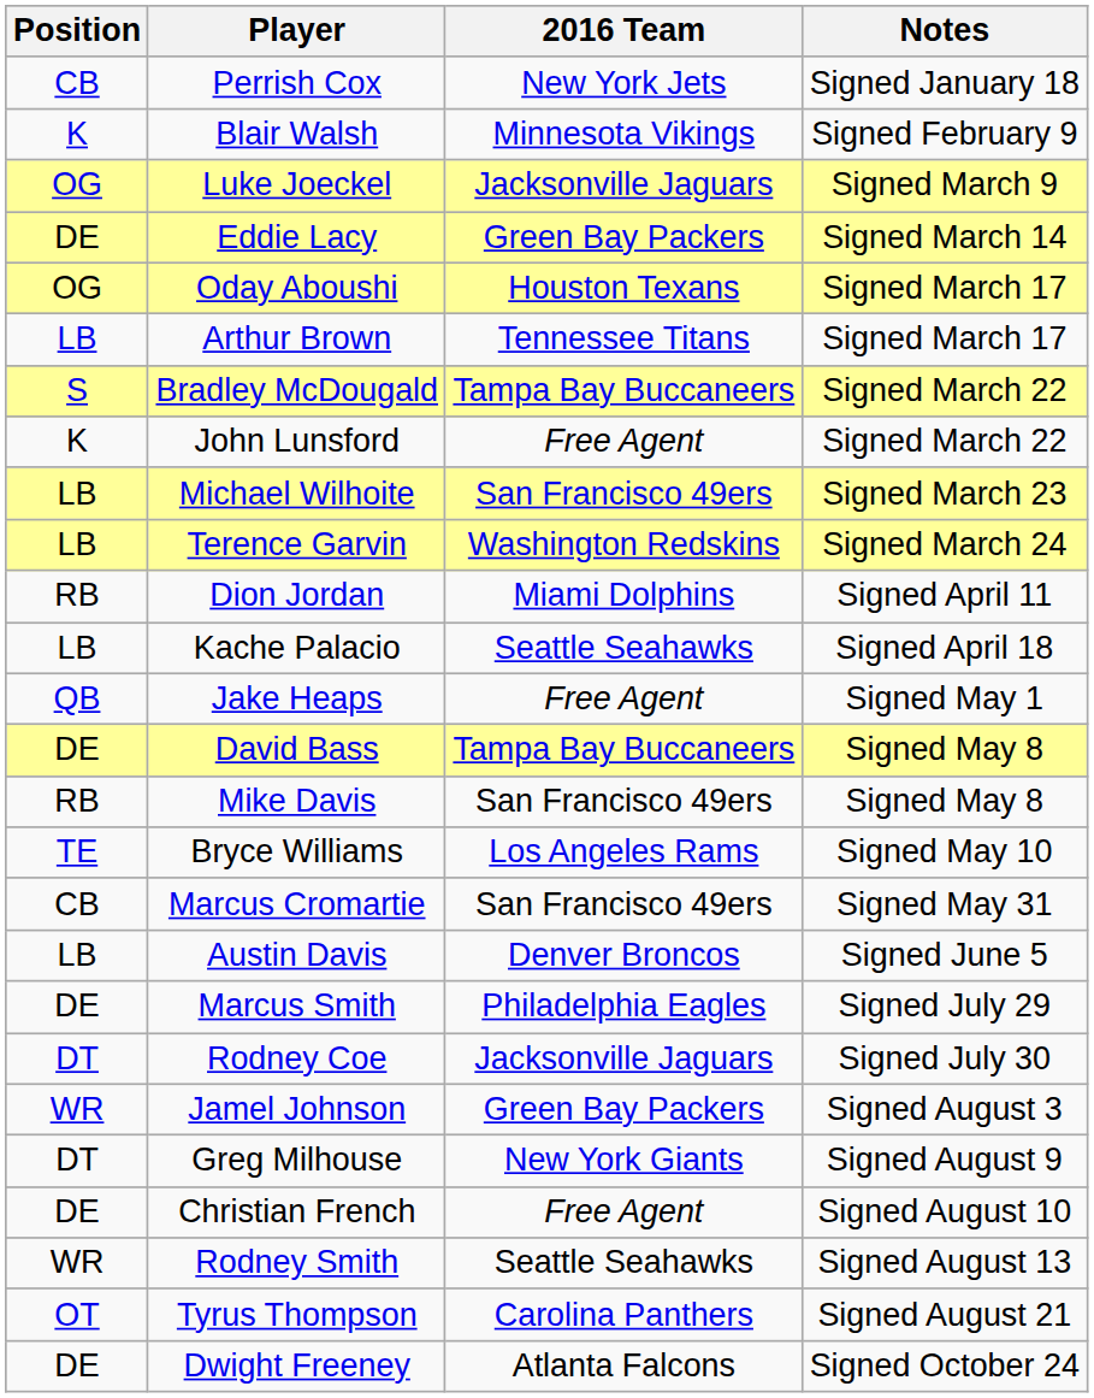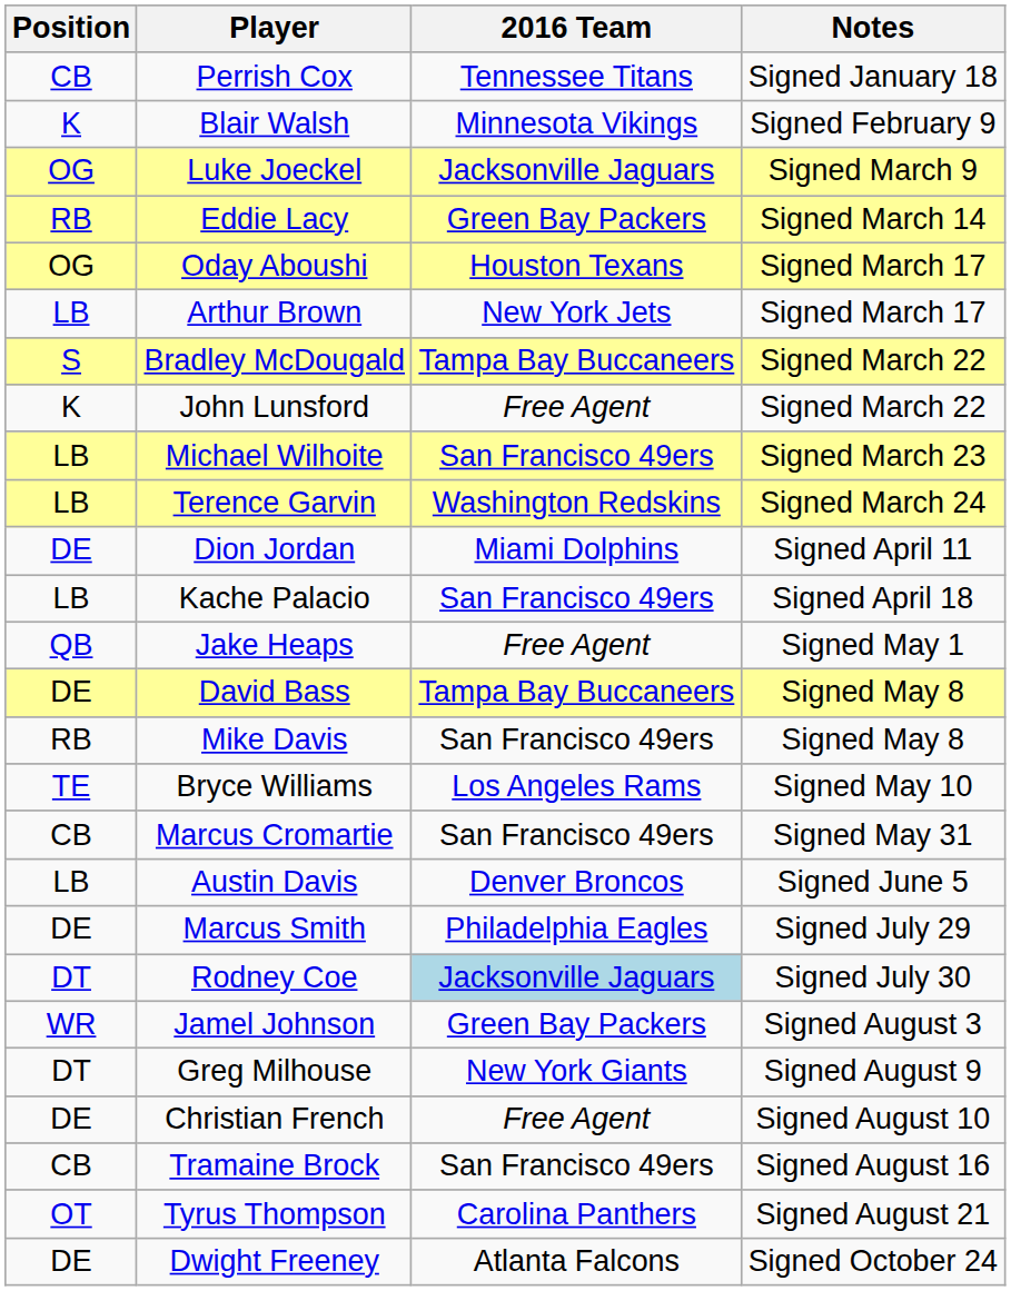 <table class="wikitable" style="text-align:center">
 <tr>
 <th>Position</th>
 <th>Player</th>
 <th>2016 Team</th>
 <th>Notes</th>
 </tr>
 <tr>
 <td><a href='#'>CB</a></td>
 <td><a href='#'>Perrish Cox</a></td>
-<td><a href='#'>New York Jets</a></td>
+<td><a href='#'>Tennessee Titans</a></td>
 <td>Signed January 18</td>
 </tr>
 <tr>
 <td><a href='#'>K</a></td>
 <td><a href='#'>Blair Walsh</a></td>
 <td><a href='#'>Minnesota Vikings</a></td>
 <td>Signed February 9</td>
 </tr>
 <tr style=background:#ff9>
 <td><a href='#'>OG</a></td>
 <td><a href='#'>Luke Joeckel</a></td>
 <td><a href='#'>Jacksonville Jaguars</a></td>
 <td>Signed March 9</td>
 </tr>
 <tr style=background:#ff9>
-<td>DE</td>
+<td><a href='#'>RB</a></td>
 <td><a href='#'>Eddie Lacy</a></td>
 <td><a href='#'>Green Bay Packers</a></td>
 <td>Signed March 14</td>
 </tr>
 <tr style=background:#ff9>
 <td>OG</td>
 <td><a href='#'>Oday Aboushi</a></td>
 <td><a href='#'>Houston Texans</a></td>
 <td>Signed March 17</td>
 </tr>
 <tr>
 <td><a href='#'>LB</a></td>
 <td><a href='#'>Arthur Brown</a></td>
-<td><a href='#'>Tennessee Titans</a></td>
+<td><a href='#'>New York Jets</a></td>
 <td>Signed March 17</td>
 </tr>
 <tr style=background:#ff9>
 <td><a href='#'>S</a></td>
 <td><a href='#'>Bradley McDougald</a></td>
 <td><a href='#'>Tampa Bay Buccaneers</a></td>
 <td>Signed March 22</td>
 </tr>
 <tr>
 <td>K</td>
 <td>John Lunsford</td>
 <td><em>Free Agent</em></td>
 <td>Signed March 22</td>
 </tr>
 <tr style=background:#ff9>
 <td>LB</td>
 <td><a href='#'>Michael Wilhoite</a></td>
 <td><a href='#'>San Francisco 49ers</a></td>
 <td>Signed March 23</td>
 </tr>
 <tr style=background:#ff9>
 <td>LB</td>
 <td><a href='#'>Terence Garvin</a></td>
 <td><a href='#'>Washington Redskins</a></td>
 <td>Signed March 24</td>
 </tr>
 <tr>
-<td>RB</td>
+<td><a href='#'>DE</a></td>
 <td><a href='#'>Dion Jordan</a></td>
 <td><a href='#'>Miami Dolphins</a></td>
 <td>Signed April 11</td>
 </tr>
 <tr>
 <td>LB</td>
 <td>Kache Palacio</td>
-<td><a href='#'>Seattle Seahawks</a></td>
+<td><a href='#'>San Francisco 49ers</a></td>
 <td>Signed April 18</td>
 </tr>
 <tr>
 <td><a href='#'>QB</a></td>
 <td><a href='#'>Jake Heaps</a></td>
 <td><em>Free Agent</em></td>
 <td>Signed May 1</td>
 </tr>
 <tr style=background:#ff9>
 <td>DE</td>
 <td><a href='#'>David Bass</a></td>
 <td><a href='#'>Tampa Bay Buccaneers</a></td>
 <td>Signed May 8</td>
 </tr>
 <tr>
 <td>RB</td>
 <td><a href='#'>Mike Davis</a></td>
 <td>San Francisco 49ers</td>
 <td>Signed May 8</td>
 </tr>
 <tr>
 <td><a href='#'>TE</a></td>
 <td>Bryce Williams</td>
 <td><a href='#'>Los Angeles Rams</a></td>
 <td>Signed May 10</td>
 </tr>
 <tr>
 <td>CB</td>
 <td><a href='#'>Marcus Cromartie</a></td>
 <td>San Francisco 49ers</td>
 <td>Signed May 31</td>
 </tr>
 <tr>
 <td>LB</td>
 <td><a href='#'>Austin Davis</a></td>
 <td><a href='#'>Denver Broncos</a></td>
 <td>Signed June 5</td>
 </tr>
 <tr>
 <td>DE</td>
 <td><a href='#'>Marcus Smith</a></td>
 <td><a href='#'>Philadelphia Eagles</a></td>
 <td>Signed July 29</td>
 </tr>
 <tr>
 <td><a href='#'>DT</a></td>
 <td><a href='#'>Rodney Coe</a></td>
-<td><a href='#'>Jacksonville Jaguars</a></td>
+<td style="background: lightblue;"><a href='#'>Jacksonville Jaguars</a></td>
 <td>Signed July 30</td>
 </tr>
 <tr>
 <td><a href='#'>WR</a></td>
 <td><a href='#'>Jamel Johnson</a></td>
 <td><a href='#'>Green Bay Packers</a></td>
 <td>Signed August 3</td>
 </tr>
 <tr>
 <td>DT</td>
 <td>Greg Milhouse</td>
 <td><a href='#'>New York Giants</a></td>
 <td>Signed August 9</td>
 </tr>
 <tr>
 <td>DE</td>
 <td>Christian French</td>
 <td><em>Free Agent</em></td>
 <td>Signed August 10</td>
 </tr>
 <tr>
-<td>WR</td>
-<td><a href='#'>Rodney Smith</a></td>
-<td>Seattle Seahawks</td>
-<td>Signed August 13</td>
+<td>CB</td>
+<td><a href='#'>Tramaine Brock</a></td>
+<td>San Francisco 49ers</td>
+<td>Signed August 16</td>
 </tr>
 <tr>
 <td><a href='#'>OT</a></td>
 <td><a href='#'>Tyrus Thompson</a></td>
 <td><a href='#'>Carolina Panthers</a></td>
 <td>Signed August 21</td>
 </tr>
 <tr>
 <td>DE</td>
 <td><a href='#'>Dwight Freeney</a></td>
 <td>Atlanta Falcons</td>
 <td>Signed October 24</td>
 </tr>
 </table>
